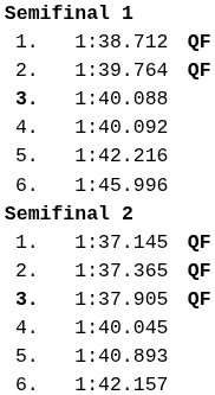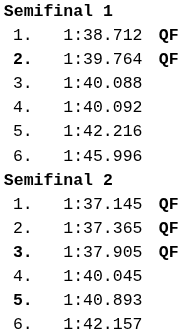 <table style="text-align:center">
 <tr>
 <td colspan=4 align=left><strong>Semifinal 1</strong></td>
 </tr>
 <tr>
 <td width=30>1.</td>
 <td align=left></td>
 <td width=80>1:38.712</td>
 <td><strong>QF</strong></td>
 </tr>
 <tr>
-<td>2.</td>
+<td><strong>2.</strong></td>
 <td align=left></td>
 <td>1:39.764</td>
 <td><strong>QF</strong></td>
 </tr>
 <tr>
-<td><strong>3.</strong></td>
+<td>3.</td>
 <td align=left></td>
 <td>1:40.088</td>
 <td></td>
 </tr>
 <tr>
 <td>4.</td>
 <td align=left></td>
 <td>1:40.092</td>
 <td></td>
 </tr>
 <tr>
 <td>5.</td>
 <td align=left></td>
 <td>1:42.216</td>
 <td></td>
 </tr>
 <tr>
 <td>6.</td>
 <td align=left></td>
 <td>1:45.996</td>
 <td></td>
 </tr>
 <tr>
 <td colspan=4 align=left><strong>Semifinal 2</strong></td>
 </tr>
 <tr>
 <td width=30>1.</td>
 <td align=left></td>
 <td width=80>1:37.145</td>
 <td><strong>QF</strong></td>
 </tr>
 <tr>
 <td>2.</td>
 <td align=left></td>
 <td>1:37.365</td>
 <td><strong>QF</strong></td>
 </tr>
 <tr>
 <td><strong>3.</strong></td>
 <td align=left></td>
 <td>1:37.905</td>
 <td><strong>QF</strong></td>
 </tr>
 <tr>
 <td>4.</td>
 <td align=left></td>
 <td>1:40.045</td>
 <td></td>
 </tr>
 <tr>
-<td>5.</td>
+<td><strong>5.</strong></td>
 <td align=left></td>
 <td>1:40.893</td>
 <td></td>
 </tr>
 <tr>
 <td>6.</td>
 <td align=left></td>
 <td>1:42.157</td>
 <td></td>
 </tr>
 </table>
